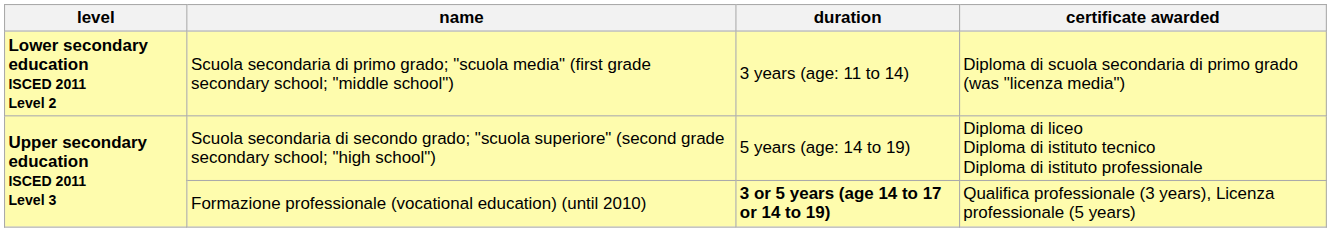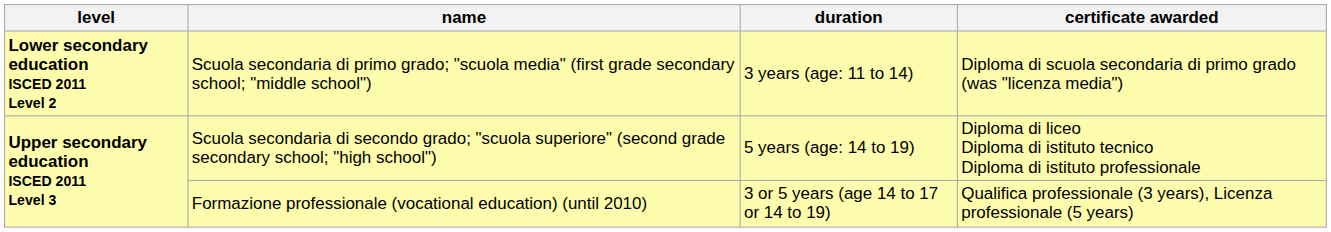 <table class="wikitable">
 <tr>
 <th>level</th>
 <th colspan="2">name</th>
 <th>duration</th>
 <th>certificate awarded</th>
 </tr>
 <tr style="background:#fefcad">
 <td><strong>Lower secondary education<br> <small> ISCED 2011<br>Level 2 </small></strong></td>
 <td colspan="2">Scuola secondaria di primo grado; "scuola media" (first grade secondary school; "middle school")</td>
 <td>3 years (age: 11 to 14)</td>
 <td>Diploma di scuola secondaria di primo grado (was "licenza media")</td>
 </tr>
 <tr style="background:#fefcad">
 <td rowspan="2"><strong>Upper secondary education<br> <small> ISCED 2011<br>Level 3 </small></strong></td>
 <td colspan="2">Scuola secondaria di secondo grado; "scuola superiore" (second grade secondary school; "high school")</td>
 <td>5 years (age: 14 to 19)</td>
 <td>Diploma di liceo<br>Diploma di istituto tecnico<br>Diploma di istituto professionale</td>
 </tr>
 <tr style="background:#fefcad">
 <td colspan="2">Formazione professionale (vocational education) (until 2010)</td>
-<td><strong>3 or 5 years (age 14 to 17 or 14 to 19)</strong></td>
+<td>3 or 5 years (age 14 to 17 or 14 to 19)</td>
 <td>Qualifica professionale (3 years), Licenza professionale (5 years)</td>
 </tr>
 </table>
